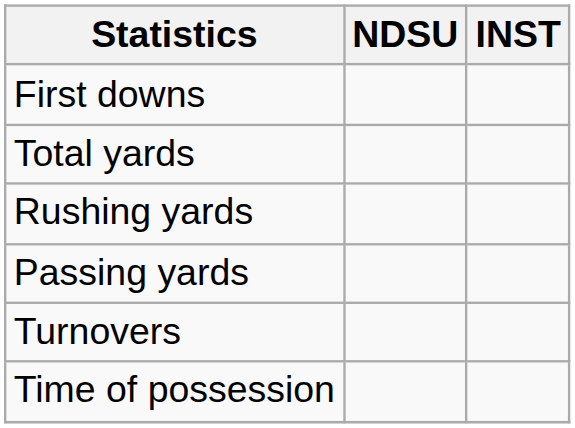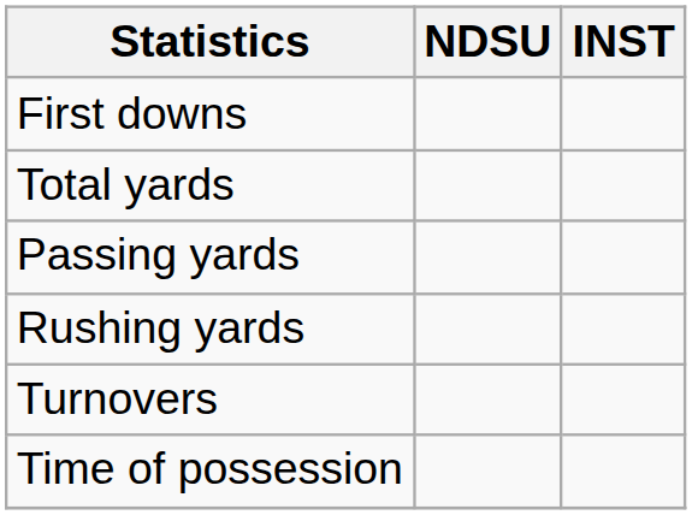 <table class="wikitable" style="float: left;">
 <tr>
 <th>Statistics</th>
 <th>NDSU</th>
 <th>INST</th>
 </tr>
 <tr>
 <td>First downs</td>
 <td></td>
 <td></td>
 </tr>
 <tr>
 <td>Total yards</td>
 <td></td>
 <td></td>
 </tr>
 <tr>
-<td>Rushing yards</td>
+<td>Passing yards</td>
 <td></td>
 <td></td>
 </tr>
 <tr>
-<td>Passing yards</td>
+<td>Rushing yards</td>
 <td></td>
 <td></td>
 </tr>
 <tr>
 <td>Turnovers</td>
 <td></td>
 <td></td>
 </tr>
 <tr>
 <td>Time of possession</td>
 <td></td>
 <td></td>
 </tr>
 <tr>
 </tr>
 </table>
